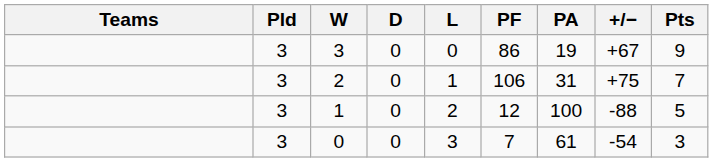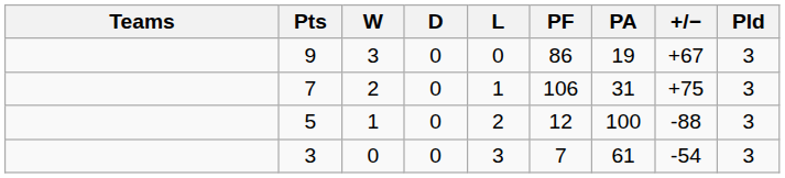 <table class="wikitable" style="text-align: center;">
 <tr>
 <th width="200">Teams</th>
-<th width="40">Pld</th>
+<th width="40">Pts</th>
 <th width="40">W</th>
 <th width="40">D</th>
 <th width="40">L</th>
 <th width="40">PF</th>
 <th width="40">PA</th>
 <th width="40">+/−</th>
-<th width="40">Pts</th>
+<th width="40">Pld</th>
 </tr>
 <tr>
 <td align=left></td>
-<td>3</td>
+<td>9</td>
 <td>3</td>
 <td>0</td>
 <td>0</td>
 <td>86</td>
 <td>19</td>
 <td>+67</td>
-<td>9</td>
+<td>3</td>
 </tr>
 <tr>
 <td align=left></td>
-<td>3</td>
+<td>7</td>
 <td>2</td>
 <td>0</td>
 <td>1</td>
 <td>106</td>
 <td>31</td>
 <td>+75</td>
-<td>7</td>
+<td>3</td>
 </tr>
 <tr>
 <td align=left></td>
-<td>3</td>
+<td>5</td>
 <td>1</td>
 <td>0</td>
 <td>2</td>
 <td>12</td>
 <td>100</td>
 <td>-88</td>
-<td>5</td>
+<td>3</td>
 </tr>
 <tr>
 <td align=left></td>
 <td>3</td>
 <td>0</td>
 <td>0</td>
 <td>3</td>
 <td>7</td>
 <td>61</td>
 <td>-54</td>
 <td>3</td>
 </tr>
 </table>
